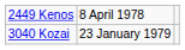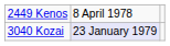 <table class="wikitable floatright" style="font-size: 0.9em;">
 <tr>
 <td><a href='#'>2449 Kenos</a></td>
 <td>8 April 1978</td>
 <td></td>
 </tr>
 <tr>
 <td><a href='#'>3040 Kozai</a></td>
-<td>23 January 1979</td>
+<td style="background: lavender;">23 January 1979</td>
 <td></td>
 </tr>
 </table>
